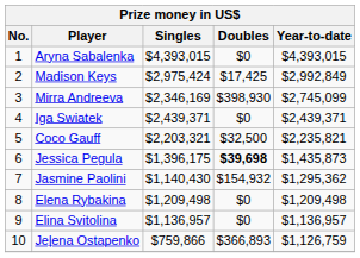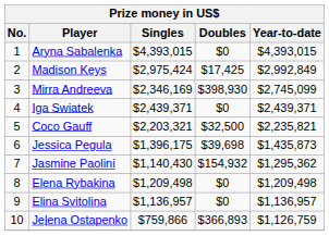 <table class="wikitable sortable" style="text-align:center">
 <tr>
 <th colspan="5">Prize money in US$ </th>
 </tr>
 <tr>
 <th scope="col">No.</th>
 <th scope="col">Player</th>
 <th scope="col">Singles</th>
 <th scope="col">Doubles</th>
 <th scope="col">Year-to-date</th>
 </tr>
 <tr>
 <td>1</td>
 <td style="text-align:left"> <a href='#'>Aryna Sabalenka</a></td>
 <td>$4,393,015</td>
 <td>$0</td>
 <td>$4,393,015</td>
 </tr>
 <tr>
 <td>2</td>
 <td style="text-align:left"> <a href='#'>Madison Keys</a></td>
 <td>$2,975,424</td>
 <td>$17,425</td>
 <td>$2,992,849</td>
 </tr>
 <tr>
 <td>3</td>
 <td style="text-align:left"> <a href='#'>Mirra Andreeva</a></td>
 <td>$2,346,169</td>
 <td>$398,930</td>
 <td>$2,745,099</td>
 </tr>
 <tr>
 <td>4</td>
 <td style="text-align:left"> <a href='#'>Iga Swiatek</a></td>
 <td>$2,439,371</td>
 <td>$0</td>
 <td>$2,439,371</td>
 </tr>
 <tr>
 <td>5</td>
 <td style="text-align:left"> <a href='#'>Coco Gauff</a></td>
 <td>$2,203,321</td>
 <td>$32,500</td>
 <td>$2,235,821</td>
 </tr>
 <tr>
 <td>6</td>
 <td style="text-align:left"> <a href='#'>Jessica Pegula</a></td>
 <td>$1,396,175</td>
-<td><strong>$39,698</strong></td>
+<td>$39,698</td>
 <td>$1,435,873</td>
 </tr>
 <tr>
 <td>7</td>
 <td style="text-align:left"> <a href='#'>Jasmine Paolini</a></td>
 <td>$1,140,430</td>
 <td>$154,932</td>
 <td>$1,295,362</td>
 </tr>
 <tr>
 <td>8</td>
 <td style="text-align:left"> <a href='#'>Elena Rybakina</a></td>
 <td>$1,209,498</td>
 <td>$0</td>
 <td>$1,209,498</td>
 </tr>
 <tr>
 <td>9</td>
 <td style="text-align:left"> <a href='#'>Elina Svitolina</a></td>
 <td>$1,136,957</td>
 <td>$0</td>
 <td>$1,136,957</td>
 </tr>
 <tr>
 <td>10</td>
 <td style="text-align:left"> <a href='#'>Jeļena Ostapenko</a></td>
 <td>$759,866</td>
 <td>$366,893</td>
 <td>$1,126,759</td>
 </tr>
 <tr>
 </tr>
 </table>
